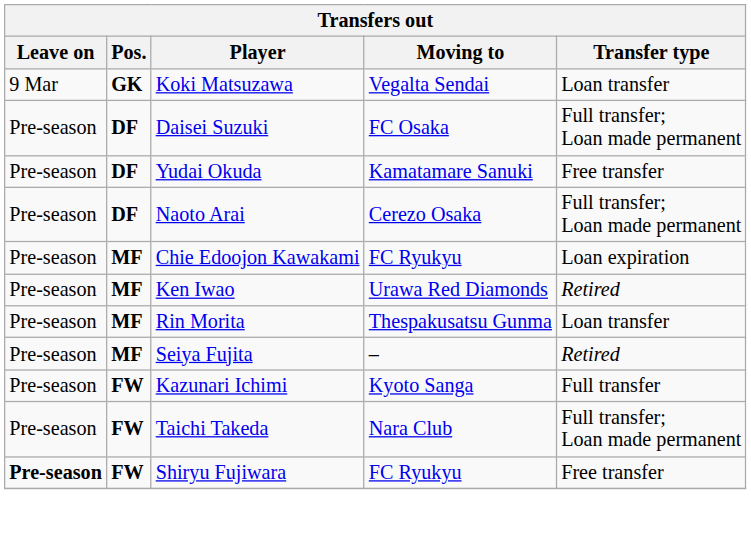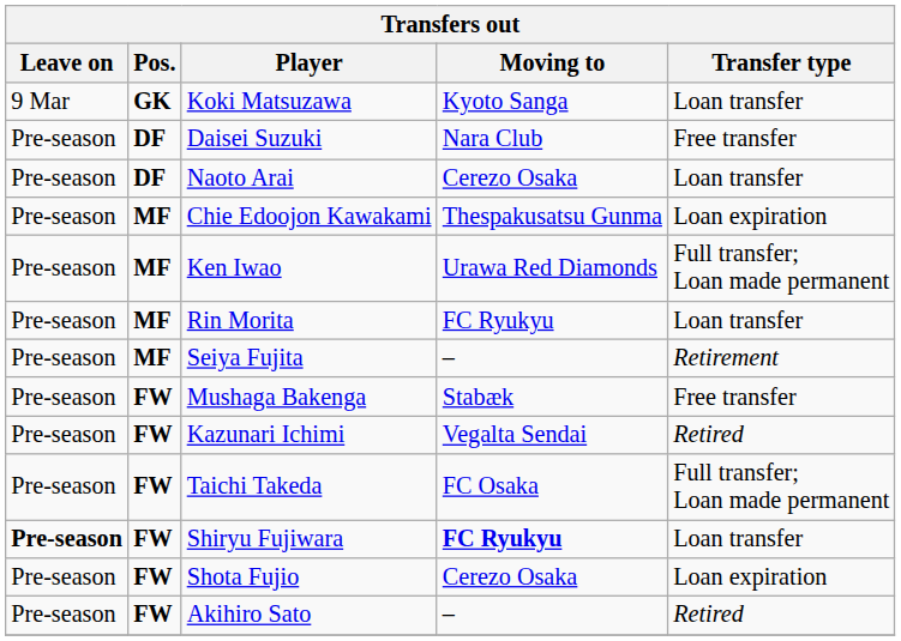 <table class="wikitable sortable" style=“text-align:left;>
 <tr>
 <th colspan="5">Transfers out</th>
 </tr>
 <tr>
 <th>Leave on</th>
 <th>Pos.</th>
 <th>Player</th>
 <th>Moving to</th>
 <th>Transfer type</th>
 </tr>
 <tr>
 <td>9 Mar</td>
 <td><strong>GK</strong></td>
 <td> <a href='#'>Koki Matsuzawa</a></td>
-<td> <a href='#'>Vegalta Sendai</a></td>
+<td> <a href='#'>Kyoto Sanga</a></td>
 <td>Loan transfer</td>
 </tr>
 <tr>
 <td>Pre-season</td>
 <td><strong>DF</strong></td>
 <td> <a href='#'>Daisei Suzuki</a></td>
-<td> <a href='#'>FC Osaka</a></td>
-<td>Full transfer;<br> Loan made permanent</td>
-</tr>
-<tr>
-<td>Pre-season</td>
-<td><strong>DF</strong></td>
-<td> <a href='#'>Yudai Okuda</a></td>
-<td> <a href='#'>Kamatamare Sanuki</a></td>
+<td> <a href='#'>Nara Club</a></td>
 <td>Free transfer</td>
 </tr>
 <tr>
 <td>Pre-season</td>
 <td><strong>DF</strong></td>
 <td> <a href='#'>Naoto Arai</a></td>
 <td> <a href='#'>Cerezo Osaka</a></td>
-<td>Full transfer;<br> Loan made permanent</td>
+<td>Loan transfer</td>
 </tr>
 <tr>
 <td>Pre-season</td>
 <td><strong>MF</strong></td>
 <td> <a href='#'>Chie Edoojon Kawakami</a></td>
-<td> <a href='#'>FC Ryukyu</a></td>
+<td> <a href='#'>Thespakusatsu Gunma</a></td>
 <td>Loan expiration</td>
 </tr>
 <tr>
 <td>Pre-season</td>
 <td><strong>MF</strong></td>
 <td> <a href='#'>Ken Iwao</a></td>
 <td> <a href='#'>Urawa Red Diamonds</a></td>
-<td><em>Retired</em></td>
+<td>Full transfer;<br> Loan made permanent</td>
 </tr>
 <tr>
 <td>Pre-season</td>
 <td><strong>MF</strong></td>
 <td> <a href='#'>Rin Morita</a></td>
-<td> <a href='#'>Thespakusatsu Gunma</a></td>
+<td> <a href='#'>FC Ryukyu</a></td>
 <td>Loan transfer</td>
 </tr>
 <tr>
 <td>Pre-season</td>
 <td><strong>MF</strong></td>
 <td> <a href='#'>Seiya Fujita</a></td>
 <td>–</td>
+<td><em>Retirement</em></td>
+</tr>
+<tr>
+<td>Pre-season</td>
+<td><strong>FW</strong></td>
+<td> <a href='#'>Mushaga Bakenga</a></td>
+<td> <a href='#'>Stabæk</a></td>
+<td>Free transfer</td>
+</tr>
+<tr>
+<td>Pre-season</td>
+<td><strong>FW</strong></td>
+<td> <a href='#'>Kazunari Ichimi</a></td>
+<td> <a href='#'>Vegalta Sendai</a></td>
 <td><em>Retired</em></td>
 </tr>
 <tr>
 <td>Pre-season</td>
 <td><strong>FW</strong></td>
-<td> <a href='#'>Kazunari Ichimi</a></td>
-<td> <a href='#'>Kyoto Sanga</a></td>
-<td>Full transfer</td>
-</tr>
-<tr>
-<td>Pre-season</td>
-<td><strong>FW</strong></td>
 <td> <a href='#'>Taichi Takeda</a></td>
-<td> <a href='#'>Nara Club</a></td>
+<td> <a href='#'>FC Osaka</a></td>
 <td>Full transfer;<br> Loan made permanent</td>
 </tr>
 <tr>
 <td><strong>Pre-season</strong></td>
 <td><strong>FW</strong></td>
 <td> <a href='#'>Shiryu Fujiwara</a></td>
-<td> <a href='#'>FC Ryukyu</a></td>
-<td>Free transfer</td>
+<td><strong> <a href='#'>FC Ryukyu</a></strong></td>
+<td>Loan transfer</td>
+</tr>
+<tr>
+<td>Pre-season</td>
+<td><strong>FW</strong></td>
+<td> <a href='#'>Shota Fujio</a></td>
+<td> <a href='#'>Cerezo Osaka</a></td>
+<td>Loan expiration</td>
+</tr>
+<tr>
+<td>Pre-season</td>
+<td><strong>FW</strong></td>
+<td> <a href='#'>Akihiro Sato</a></td>
+<td>–</td>
+<td><em>Retired</em></td>
 </tr>
 <tr>
 </tr>
 </table>
